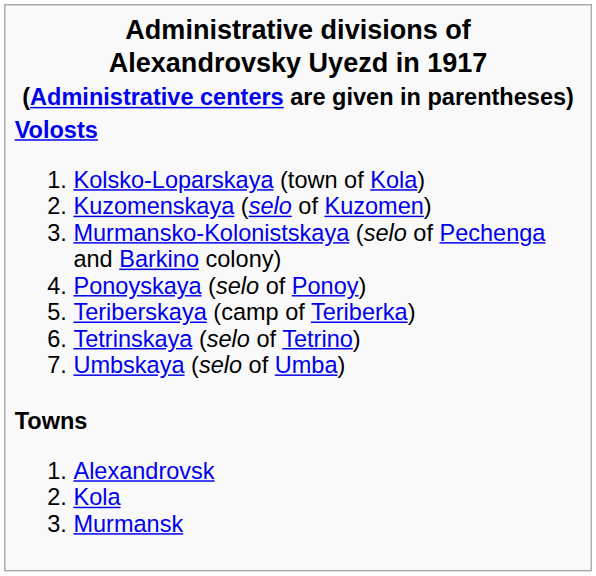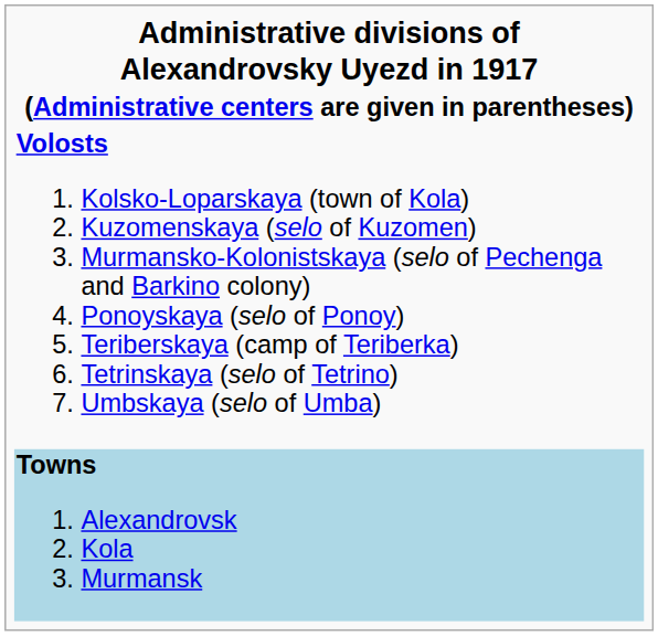 <table class="infobox" style="width:25em">
 <tr>
 <th style="text-align:center; font-size:115%;">Administrative divisions of<br>Alexandrovsky Uyezd in 1917</th>
 </tr>
 <tr>
 <th style="text-align:center">(<a href='#'>Administrative centers</a> are given in parentheses)</th>
 </tr>
 <tr>
 <td><strong><a href='#'>Volosts</a></strong><br><ol><li><a href='#'>Kolsko-Loparskaya</a> (town of <a href='#'>Kola</a>)</li><li><a href='#'>Kuzomenskaya</a> (<em><a href='#'>selo</a></em> of <a href='#'>Kuzomen</a>)</li><li><a href='#'>Murmansko-Kolonistskaya</a> (<em>selo</em> of <a href='#'>Pechenga</a> and <a href='#'>Barkino</a> colony)</li><li><a href='#'>Ponoyskaya</a> (<em>selo</em> of <a href='#'>Ponoy</a>)</li><li><a href='#'>Teriberskaya</a> (camp of <a href='#'>Teriberka</a>)</li><li><a href='#'>Tetrinskaya</a> (<em>selo</em> of <a href='#'>Tetrino</a>)</li><li><a href='#'>Umbskaya</a> (<em>selo</em> of <a href='#'>Umba</a>)</li></ol></td>
 </tr>
 <tr>
-<td><strong>Towns</strong><br><ol><li><a href='#'>Alexandrovsk</a></li><li><a href='#'>Kola</a></li><li><a href='#'>Murmansk</a></li></ol></td>
+<td style="background: lightblue;"><strong>Towns</strong><br><ol><li><a href='#'>Alexandrovsk</a></li><li><a href='#'>Kola</a></li><li><a href='#'>Murmansk</a></li></ol></td>
 </tr>
 </table>
